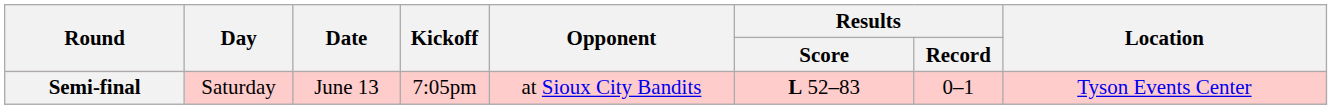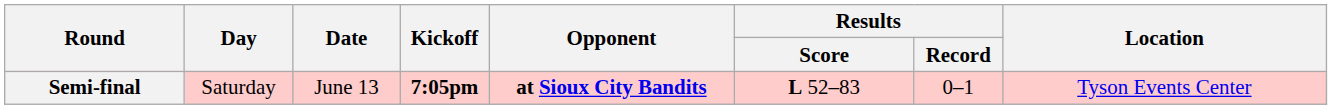 <table class="wikitable">
 <tr>
 <th rowspan="2" width="130">Round</th>
 <th rowspan="2" width="75">Day</th>
 <th rowspan="2" width="75">Date</th>
 <th rowspan="2" width="60">Kickoff</th>
 <th rowspan="2" width="180">Opponent</th>
 <th colspan="2" width="180">Results</th>
 <th rowspan="2" width="240">Location</th>
 </tr>
 <tr>
 <th width="130">Score</th>
 <th width="60">Record</th>
 </tr>
 <tr align="center" bgcolor="#FFCCCC">
 <th>Semi-final</th>
 <td>Saturday</td>
 <td>June 13</td>
-<td>7:05pm</td>
-<td>at <a href='#'>Sioux City Bandits</a></td>
+<td><strong>7:05pm</strong></td>
+<td><strong>at <a href='#'>Sioux City Bandits</a></strong></td>
 <td><strong>L</strong> 52–83</td>
 <td>0–1</td>
 <td><a href='#'>Tyson Events Center</a></td>
 </tr>
 </table>
